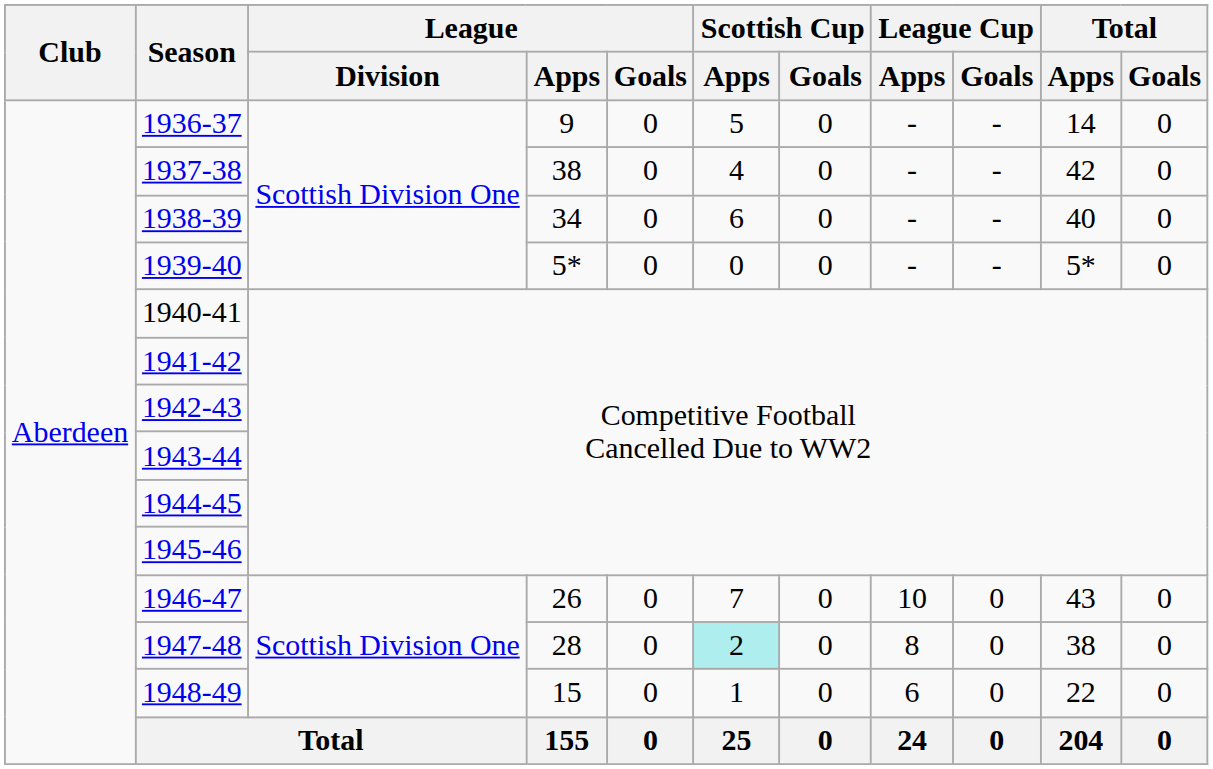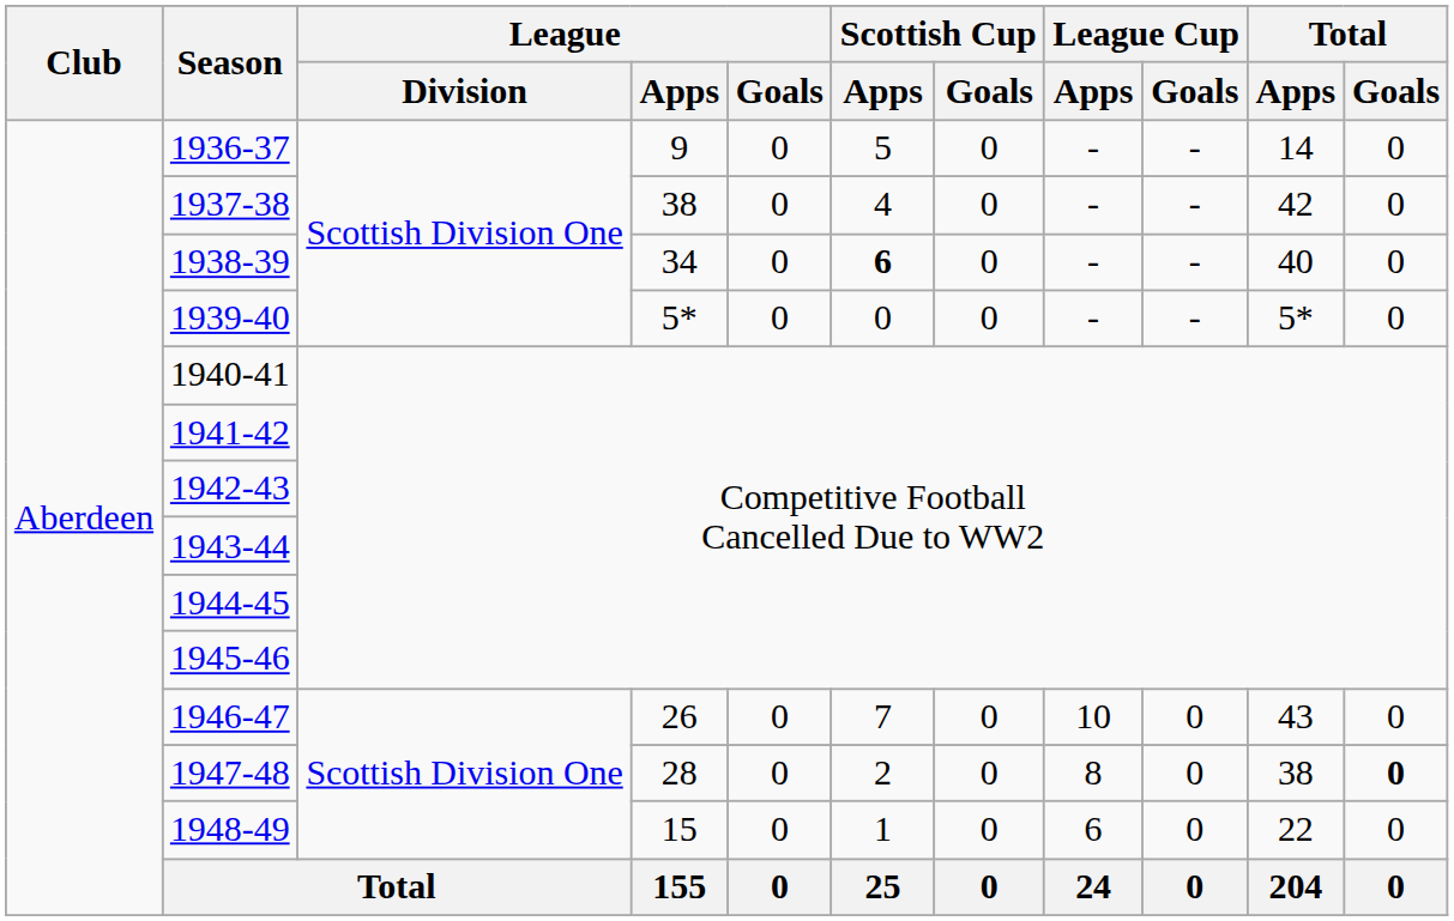 <table class="wikitable" style="text-align:center">
 <tr>
 <th rowspan="2">Club</th>
 <th rowspan="2">Season</th>
 <th colspan="3">League</th>
 <th colspan="2">Scottish Cup</th>
 <th colspan="2">League Cup</th>
 <th colspan="2">Total</th>
 </tr>
 <tr>
 <th>Division</th>
 <th>Apps</th>
 <th>Goals</th>
 <th>Apps</th>
 <th>Goals</th>
 <th>Apps</th>
 <th>Goals</th>
 <th>Apps</th>
 <th>Goals</th>
 </tr>
 <tr>
 <td rowspan="14"><a href='#'>Aberdeen</a></td>
 <td><a href='#'>1936-37</a></td>
 <td rowspan="4"><a href='#'>Scottish Division One</a></td>
 <td>9</td>
 <td>0</td>
 <td>5</td>
 <td>0</td>
 <td>-</td>
 <td>-</td>
 <td>14</td>
 <td>0</td>
 </tr>
 <tr>
 <td><a href='#'>1937-38</a></td>
 <td>38</td>
 <td>0</td>
 <td>4</td>
 <td>0</td>
 <td>-</td>
 <td>-</td>
 <td>42</td>
 <td>0</td>
 </tr>
 <tr>
 <td><a href='#'>1938-39</a></td>
 <td>34</td>
 <td>0</td>
-<td>6</td>
+<td><strong>6</strong></td>
 <td>0</td>
 <td>-</td>
 <td>-</td>
 <td>40</td>
 <td>0</td>
 </tr>
 <tr>
 <td><a href='#'>1939-40</a></td>
 <td>5*</td>
 <td>0</td>
 <td>0</td>
 <td>0</td>
 <td>-</td>
 <td>-</td>
 <td>5*</td>
 <td>0</td>
 </tr>
 <tr>
 <td>1940-41</td>
 <td colspan="9" rowspan="6">Competitive Football<br>Cancelled Due to WW2</td>
 </tr>
 <tr>
 <td><a href='#'>1941-42</a></td>
 </tr>
 <tr>
 <td><a href='#'>1942-43</a></td>
 </tr>
 <tr>
 <td><a href='#'>1943-44</a></td>
 </tr>
 <tr>
 <td><a href='#'>1944-45</a></td>
 </tr>
 <tr>
 <td><a href='#'>1945-46</a></td>
 </tr>
 <tr>
 <td><a href='#'>1946-47</a></td>
 <td rowspan="3"><a href='#'>Scottish Division One</a></td>
 <td>26</td>
 <td>0</td>
 <td>7</td>
 <td>0</td>
 <td>10</td>
 <td>0</td>
 <td>43</td>
 <td>0</td>
 </tr>
 <tr>
 <td><a href='#'>1947-48</a></td>
 <td>28</td>
 <td>0</td>
-<td style="background: paleturquoise;">2</td>
+<td>2</td>
 <td>0</td>
 <td>8</td>
 <td>0</td>
 <td>38</td>
-<td>0</td>
+<td><strong>0</strong></td>
 </tr>
 <tr>
 <td><a href='#'>1948-49</a></td>
 <td>15</td>
 <td>0</td>
 <td>1</td>
 <td>0</td>
 <td>6</td>
 <td>0</td>
 <td>22</td>
 <td>0</td>
 </tr>
 <tr>
 <th colspan="2">Total</th>
 <th>155</th>
 <th>0</th>
 <th>25</th>
 <th>0</th>
 <th>24</th>
 <th>0</th>
 <th>204</th>
 <th>0</th>
 </tr>
 </table>
